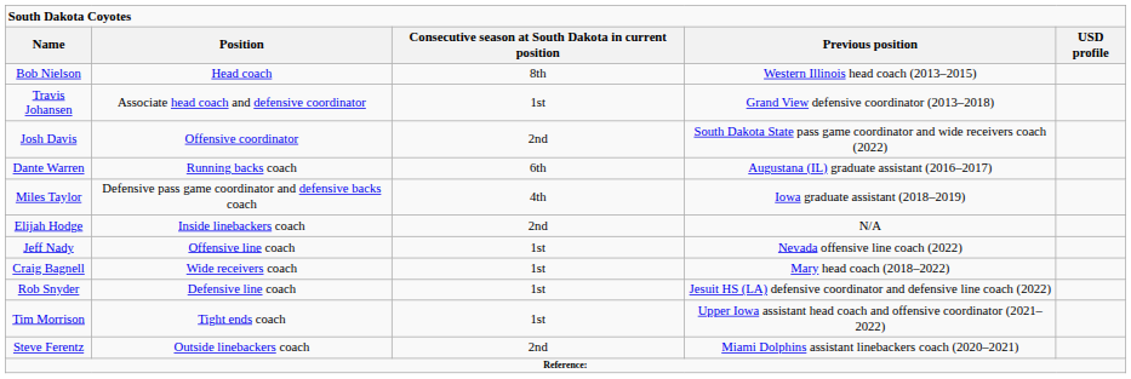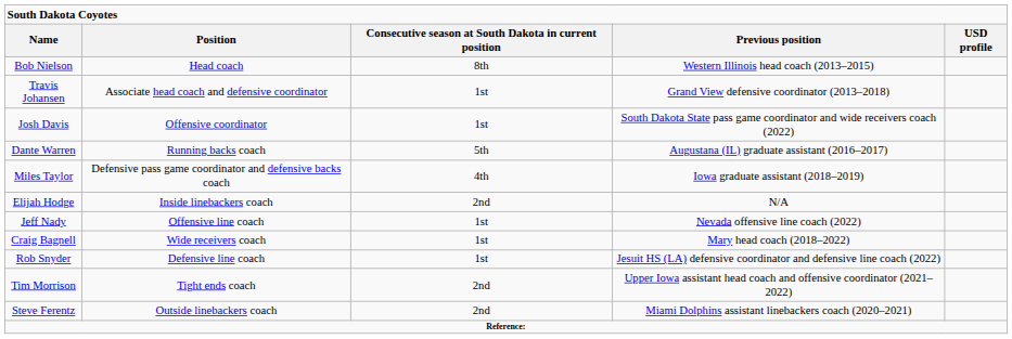 <table class="wikitable" style="font-size:90%;">
 <tr>
 <td colspan=5><strong>South Dakota Coyotes</strong></td>
 </tr>
 <tr align="center";>
 <th>Name</th>
 <th>Position</th>
 <th>Consecutive season at South Dakota in current position</th>
 <th>Previous position</th>
 <th>USD profile</th>
 </tr>
 <tr align="center";>
 <td><a href='#'>Bob Nielson</a></td>
 <td><a href='#'>Head coach</a></td>
 <td>8th</td>
 <td><a href='#'>Western Illinois</a> head coach (2013–2015)</td>
 <td></td>
 </tr>
 <tr align="center";>
 <td><a href='#'>Travis Johansen</a></td>
 <td>Associate <a href='#'>head coach</a> and <a href='#'>defensive coordinator</a></td>
 <td>1st</td>
 <td><a href='#'>Grand View</a> defensive coordinator (2013–2018)</td>
 <td></td>
 </tr>
 <tr align="center";>
 <td><a href='#'>Josh Davis</a></td>
 <td><a href='#'>Offensive coordinator</a></td>
-<td>2nd</td>
+<td>1st</td>
 <td><a href='#'>South Dakota State</a> pass game coordinator and wide receivers coach (2022)</td>
 <td></td>
 </tr>
 <tr align="center";>
 <td><a href='#'>Dante Warren</a></td>
 <td><a href='#'>Running backs</a> coach</td>
-<td>6th</td>
+<td>5th</td>
 <td><a href='#'>Augustana (IL)</a> graduate assistant (2016–2017)</td>
 <td></td>
 </tr>
 <tr align="center";>
 <td><a href='#'>Miles Taylor</a></td>
 <td>Defensive pass game coordinator and <a href='#'>defensive backs</a> coach</td>
 <td>4th</td>
 <td><a href='#'>Iowa</a> graduate assistant (2018–2019)</td>
 <td></td>
 </tr>
 <tr align="center";>
 <td><a href='#'>Elijah Hodge</a></td>
 <td><a href='#'>Inside linebackers</a> coach</td>
 <td>2nd</td>
 <td>N/A</td>
 <td></td>
 </tr>
 <tr align="center";>
 <td><a href='#'>Jeff Nady</a></td>
 <td><a href='#'>Offensive line</a> coach</td>
 <td>1st</td>
 <td><a href='#'>Nevada</a> offensive line coach (2022)</td>
 <td></td>
 </tr>
 <tr align="center";>
 <td><a href='#'>Craig Bagnell</a></td>
 <td><a href='#'>Wide receivers</a> coach</td>
 <td>1st</td>
 <td><a href='#'>Mary</a> head coach (2018–2022)</td>
 <td></td>
 </tr>
 <tr align="center";>
 <td><a href='#'>Rob Snyder</a></td>
 <td><a href='#'>Defensive line</a> coach</td>
 <td>1st</td>
 <td><a href='#'>Jesuit HS (LA)</a> defensive coordinator and defensive line coach (2022)</td>
 <td></td>
 </tr>
 <tr align="center";>
 <td><a href='#'>Tim Morrison</a></td>
 <td><a href='#'>Tight ends</a> coach</td>
-<td>1st</td>
+<td>2nd</td>
 <td><a href='#'>Upper Iowa</a> assistant head coach and offensive coordinator (2021–2022)</td>
 <td></td>
 </tr>
 <tr align="center" ;>
 <td><a href='#'>Steve Ferentz</a></td>
 <td><a href='#'>Outside linebackers</a> coach</td>
 <td>2nd</td>
 <td><a href='#'>Miami Dolphins</a> assistant linebackers coach (2020–2021)</td>
 <td></td>
 </tr>
 <tr>
 <td colspan="5" style="font-size:8pt; text-align:center;"><strong>Reference:</strong></td>
 </tr>
 </table>
